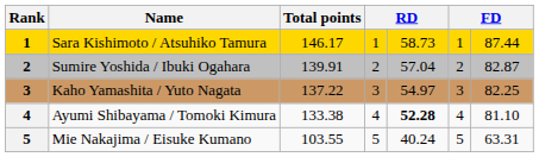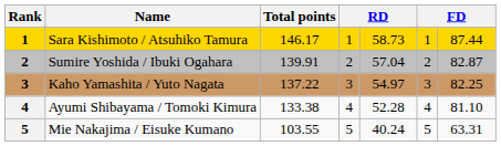 <table class="wikitable sortable">
 <tr>
 <th>Rank</th>
 <th>Name</th>
 <th>Total points</th>
 <th colspan="2" width="80px"><a href='#'>RD</a></th>
 <th colspan="2" width="80px"><a href='#'>FD</a></th>
 </tr>
 <tr bgcolor="gold">
 <td align="center"><strong>1</strong></td>
 <td>Sara Kishimoto / Atsuhiko Tamura</td>
 <td align="center">146.17</td>
 <td align="center">1</td>
 <td align="center">58.73</td>
 <td align="center">1</td>
 <td align="center">87.44</td>
 </tr>
 <tr bgcolor="silver">
 <td align="center"><strong>2</strong></td>
 <td>Sumire Yoshida / Ibuki Ogahara</td>
 <td align="center">139.91</td>
 <td align="center">2</td>
 <td align="center">57.04</td>
 <td align="center">2</td>
 <td align="center">82.87</td>
 </tr>
 <tr bgcolor="cc9966">
 <td align="center"><strong>3</strong></td>
 <td>Kaho Yamashita / Yuto Nagata</td>
 <td align="center">137.22</td>
 <td align="center">3</td>
 <td align="center">54.97</td>
 <td align="center">3</td>
 <td align="center">82.25</td>
 </tr>
 <tr>
 <th>4</th>
 <td>Ayumi Shibayama / Tomoki Kimura</td>
 <td align="center">133.38</td>
 <td align="center">4</td>
-<td align="center"><strong>52.28</strong></td>
+<td align="center">52.28</td>
 <td align="center">4</td>
 <td align="center">81.10</td>
 </tr>
 <tr>
 <th>5</th>
 <td>Mie Nakajima / Eisuke Kumano</td>
 <td align="center">103.55</td>
 <td align="center">5</td>
 <td align="center">40.24</td>
 <td align="center">5</td>
 <td align="center">63.31</td>
 </tr>
 </table>
